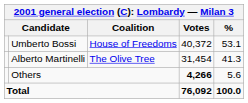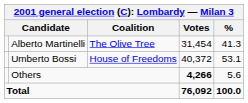 <table class=wikitable style=text-align:right>
 <tr>
 <th colspan=5><a href='#'>2001 general election</a> (<a href='#'>C</a>): <a href='#'>Lombardy</a> — <a href='#'>Milan 3</a></th>
 </tr>
 <tr>
 <th colspan=2>Candidate</th>
 <th>Coalition</th>
 <th>Votes</th>
 <th>%</th>
 </tr>
 <tr>
 <td></td>
+<td align=left>Alberto Martinelli</td>
+<td align=left><a href='#'>The Olive Tree</a></td>
+<td>31,454</td>
+<td>41.3</td>
+</tr>
+<tr>
+<td></td>
 <td align=left>Umberto Bossi</td>
 <td align=left><a href='#'>House of Freedoms</a></td>
 <td>40,372</td>
 <td>53.1</td>
-</tr>
-<tr>
-<td></td>
-<td align=left>Alberto Martinelli</td>
-<td align=left><a href='#'>The Olive Tree</a></td>
-<td>31,454</td>
-<td>41.3</td>
 </tr>
 <tr>
 <td></td>
 <td align=left colspan=2>Others</td>
 <td><strong>4,266</strong></td>
 <td>5.6</td>
 </tr>
 <tr>
 <td align=left colspan=3><strong>Total</strong></td>
 <td><strong>76,092</strong></td>
 <td><strong>100.0</strong></td>
 </tr>
 </table>
